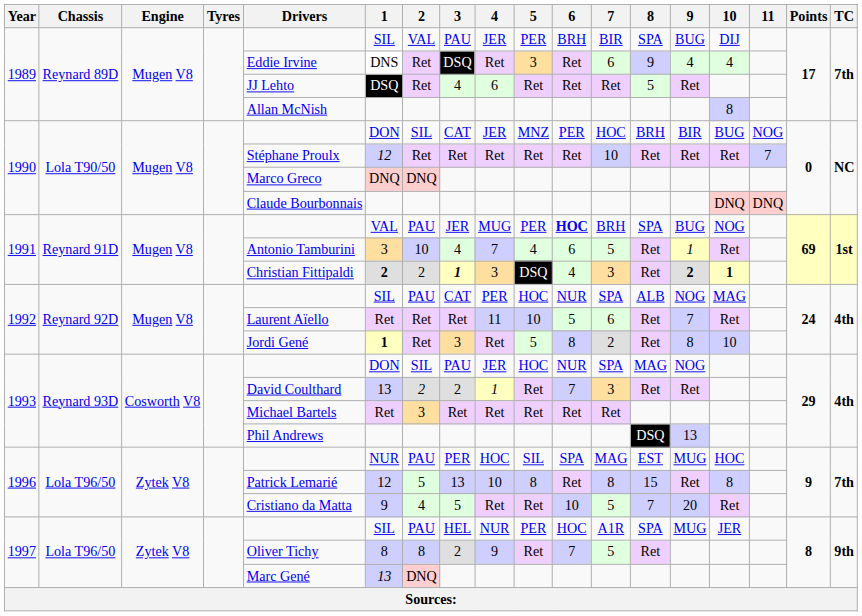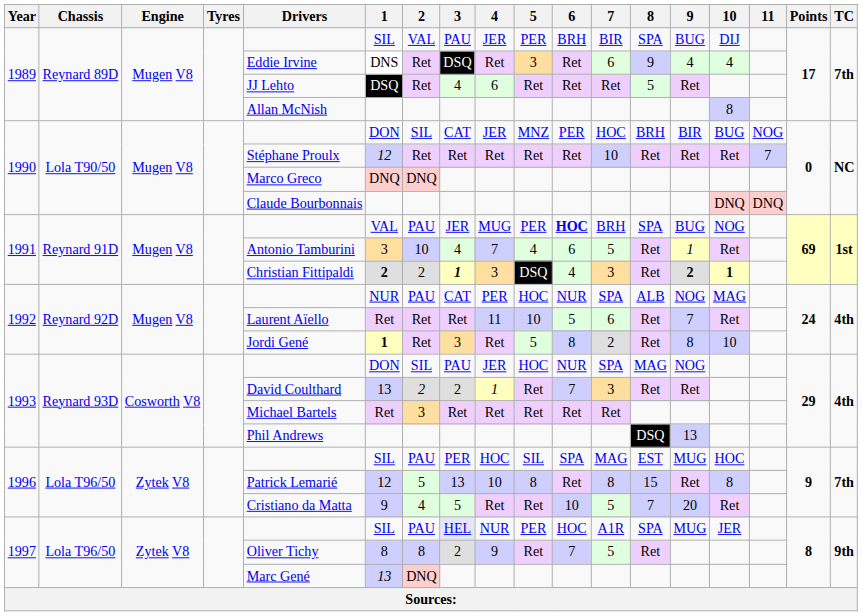 <table class="wikitable" style="text-align:center; font-size:95%">
 <tr>
 <th>Year</th>
 <th>Chassis</th>
 <th>Engine</th>
 <th>Tyres</th>
 <th>Drivers</th>
 <th>1</th>
 <th>2</th>
 <th>3</th>
 <th>4</th>
 <th>5</th>
 <th>6</th>
 <th>7</th>
 <th>8</th>
 <th>9</th>
 <th>10</th>
 <th>11</th>
 <th>Points</th>
 <th>TC</th>
 </tr>
 <tr>
 <td rowspan="4"><a href='#'>1989</a></td>
 <td rowspan="4"><a href='#'>Reynard 89D</a></td>
 <td rowspan="4"><a href='#'>Mugen</a> <a href='#'>V8</a></td>
 <td rowspan="4"></td>
 <td></td>
 <td><a href='#'>SIL</a></td>
 <td><a href='#'>VAL</a></td>
 <td><a href='#'>PAU</a></td>
 <td><a href='#'>JER</a></td>
 <td><a href='#'>PER</a></td>
 <td><a href='#'>BRH</a></td>
 <td><a href='#'>BIR</a></td>
 <td><a href='#'>SPA</a></td>
 <td><a href='#'>BUG</a></td>
 <td><a href='#'>DIJ</a></td>
 <td></td>
 <td rowspan="4"><strong>17</strong></td>
 <td rowspan="4"><strong>7th</strong></td>
 </tr>
 <tr>
 <td align="left"> <a href='#'>Eddie Irvine</a></td>
 <td style="background:#fff;">DNS</td>
 <td style="background:#efcfff;">Ret</td>
 <td style="background:#000; color:#fff;">DSQ</td>
 <td style="background:#efcfff;">Ret</td>
 <td style="background:#ffdf9f;">3</td>
 <td style="background:#efcfff;">Ret</td>
 <td style="background:#dfffdf;">6</td>
 <td style="background:#cfcfff;">9</td>
 <td style="background:#dfffdf;">4</td>
 <td style="background:#dfffdf;">4</td>
 <td></td>
 </tr>
 <tr>
 <td align="left"> <a href='#'>JJ Lehto</a></td>
 <td style="background:#000; color:#fff;">DSQ</td>
 <td style="background:#efcfff;">Ret</td>
 <td style="background:#dfffdf;">4</td>
 <td style="background:#dfffdf;">6</td>
 <td style="background:#efcfff;">Ret</td>
 <td style="background:#efcfff;">Ret</td>
 <td style="background:#efcfff;">Ret</td>
 <td style="background:#dfffdf;">5</td>
 <td style="background:#efcfff;">Ret</td>
 <td></td>
 <td></td>
 </tr>
 <tr>
 <td align="left"> <a href='#'>Allan McNish</a></td>
 <td></td>
 <td></td>
 <td></td>
 <td></td>
 <td></td>
 <td></td>
 <td></td>
 <td></td>
 <td></td>
 <td style="background:#cfcfff;">8</td>
 <td></td>
 </tr>
 <tr>
 <td rowspan="4"><a href='#'>1990</a></td>
 <td rowspan="4"><a href='#'>Lola T90/50</a></td>
 <td rowspan="4"><a href='#'>Mugen</a> <a href='#'>V8</a></td>
 <td rowspan="4"></td>
 <td></td>
 <td><a href='#'>DON</a></td>
 <td><a href='#'>SIL</a></td>
 <td><a href='#'>CAT</a></td>
 <td><a href='#'>JER</a></td>
 <td><a href='#'>MNZ</a></td>
 <td><a href='#'>PER</a></td>
 <td><a href='#'>HOC</a></td>
 <td><a href='#'>BRH</a></td>
 <td><a href='#'>BIR</a></td>
 <td><a href='#'>BUG</a></td>
 <td><a href='#'>NOG</a></td>
 <td rowspan="4"><strong>0</strong></td>
 <td rowspan="4"><strong>NC</strong></td>
 </tr>
 <tr>
 <td align="left"> <a href='#'>Stéphane Proulx</a></td>
 <td style="background:#cfcfff;"><em>12</em></td>
 <td style="background:#efcfff;">Ret</td>
 <td style="background:#efcfff;">Ret</td>
 <td style="background:#efcfff;">Ret</td>
 <td style="background:#efcfff;">Ret</td>
 <td style="background:#efcfff;">Ret</td>
 <td style="background:#cfcfff;">10</td>
 <td style="background:#efcfff;">Ret</td>
 <td style="background:#efcfff;">Ret</td>
 <td style="background:#efcfff;">Ret</td>
 <td style="background:#cfcfff;">7</td>
 </tr>
 <tr>
 <td align="left"> <a href='#'>Marco Greco</a></td>
 <td style="background:#ffcfcf;">DNQ</td>
 <td style="background:#ffcfcf;">DNQ</td>
 <td></td>
 <td></td>
 <td></td>
 <td></td>
 <td></td>
 <td></td>
 <td></td>
 <td></td>
 <td></td>
 </tr>
 <tr>
 <td align="left"> <a href='#'>Claude Bourbonnais</a></td>
 <td></td>
 <td></td>
 <td></td>
 <td></td>
 <td></td>
 <td></td>
 <td></td>
 <td></td>
 <td></td>
 <td style="background:#ffcfcf;">DNQ</td>
 <td style="background:#ffcfcf;">DNQ</td>
 </tr>
 <tr>
 <td rowspan="3"><a href='#'>1991</a></td>
 <td rowspan="3"><a href='#'>Reynard 91D</a></td>
 <td rowspan="3"><a href='#'>Mugen</a> <a href='#'>V8</a></td>
 <td rowspan="3"></td>
 <td></td>
 <td><a href='#'>VAL</a></td>
 <td><a href='#'>PAU</a></td>
 <td><a href='#'>JER</a></td>
 <td><a href='#'>MUG</a></td>
 <td><a href='#'>PER</a></td>
 <td><strong><a href='#'>HOC</a></strong></td>
 <td><a href='#'>BRH</a></td>
 <td><a href='#'>SPA</a></td>
 <td><a href='#'>BUG</a></td>
 <td><a href='#'>NOG</a></td>
 <td></td>
 <td rowspan="3" style="background:#ffffbf;"><strong>69</strong></td>
 <td rowspan="3" style="background:#ffffbf;"><strong>1st</strong></td>
 </tr>
 <tr>
 <td align="left"> <a href='#'>Antonio Tamburini</a></td>
 <td style="background:#ffdf9f;">3</td>
 <td style="background:#cfcfff;">10</td>
 <td style="background:#dfffdf;">4</td>
 <td style="background:#cfcfff;">7</td>
 <td style="background:#dfffdf;">4</td>
 <td style="background:#dfffdf;">6</td>
 <td style="background:#dfffdf;">5</td>
 <td style="background:#efcfff;">Ret</td>
 <td style="background:#ffffbf;"><em>1</em></td>
 <td style="background:#efcfff;">Ret</td>
 <td></td>
 </tr>
 <tr>
 <td align="left"> <a href='#'>Christian Fittipaldi</a></td>
 <td style="background:#dfdfdf;"><strong>2</strong></td>
 <td style="background:#dfdfdf;">2</td>
 <td style="background:#ffffbf;"><strong><em>1</em></strong></td>
 <td style="background:#ffdf9f;">3</td>
 <td style="background:#000; color:#fff;">DSQ</td>
 <td style="background:#dfffdf;">4</td>
 <td style="background:#ffdf9f;">3</td>
 <td style="background:#efcfff;">Ret</td>
 <td style="background:#dfdfdf;"><strong>2</strong></td>
 <td style="background:#ffffbf;"><strong>1</strong></td>
 <td></td>
 </tr>
 <tr>
 <td rowspan="3"><a href='#'>1992</a></td>
 <td rowspan="3"><a href='#'>Reynard 92D</a></td>
 <td rowspan="3"><a href='#'>Mugen</a> <a href='#'>V8</a></td>
 <td rowspan="3"></td>
 <td></td>
-<td><a href='#'>SIL</a></td>
+<td><a href='#'>NUR</a></td>
 <td><a href='#'>PAU</a></td>
 <td><a href='#'>CAT</a></td>
 <td><a href='#'>PER</a></td>
 <td><a href='#'>HOC</a></td>
 <td><a href='#'>NUR</a></td>
 <td><a href='#'>SPA</a></td>
 <td><a href='#'>ALB</a></td>
 <td><a href='#'>NOG</a></td>
 <td><a href='#'>MAG</a></td>
 <td></td>
 <td rowspan="3"><strong>24</strong></td>
 <td rowspan="3"><strong>4th</strong></td>
 </tr>
 <tr>
 <td align="left"> <a href='#'>Laurent Aïello</a></td>
 <td style="background:#efcfff;">Ret</td>
 <td style="background:#efcfff;">Ret</td>
 <td style="background:#efcfff;">Ret</td>
 <td style="background:#cfcfff;">11</td>
 <td style="background:#cfcfff;">10</td>
 <td style="background:#dfffdf;">5</td>
 <td style="background:#dfffdf;">6</td>
 <td style="background:#efcfff;">Ret</td>
 <td style="background:#cfcfff;">7</td>
 <td style="background:#efcfff;">Ret</td>
 <td></td>
 </tr>
 <tr>
 <td align="left"> <a href='#'>Jordi Gené</a></td>
 <td style="background:#ffffbf;"><strong>1</strong></td>
 <td style="background:#efcfff;">Ret</td>
 <td style="background:#ffdf9f;">3</td>
 <td style="background:#efcfff;">Ret</td>
 <td style="background:#dfffdf;">5</td>
 <td style="background:#cfcfff;">8</td>
 <td style="background:#dfdfdf;">2</td>
 <td style="background:#efcfff;">Ret</td>
 <td style="background:#cfcfff;">8</td>
 <td style="background:#cfcfff;">10</td>
 <td></td>
 </tr>
 <tr>
 <td rowspan="4"><a href='#'>1993</a></td>
 <td rowspan="4"><a href='#'>Reynard 93D</a></td>
 <td rowspan="4"><a href='#'>Cosworth</a> <a href='#'>V8</a></td>
 <td rowspan="4"></td>
 <td></td>
 <td><a href='#'>DON</a></td>
 <td><a href='#'>SIL</a></td>
 <td><a href='#'>PAU</a></td>
 <td><a href='#'>JER</a></td>
 <td><a href='#'>HOC</a></td>
 <td><a href='#'>NUR</a></td>
 <td><a href='#'>SPA</a></td>
 <td><a href='#'>MAG</a></td>
 <td><a href='#'>NOG</a></td>
 <td></td>
 <td></td>
 <td rowspan="4"><strong>29</strong></td>
 <td rowspan="4"><strong>4th</strong></td>
 </tr>
 <tr>
 <td align="left"> <a href='#'>David Coulthard</a></td>
 <td style="background:#cfcfff;">13</td>
 <td style="background:#dfdfdf;"><em>2</em></td>
 <td style="background:#dfdfdf;">2</td>
 <td style="background:#ffffbf;"><em>1</em></td>
 <td style="background:#efcfff;">Ret</td>
 <td style="background:#cfcfff;">7</td>
 <td style="background:#ffdf9f;">3</td>
 <td style="background:#efcfff;">Ret</td>
 <td style="background:#efcfff;">Ret</td>
 <td></td>
 <td></td>
 </tr>
 <tr>
 <td align="left"> <a href='#'>Michael Bartels</a></td>
 <td style="background:#efcfff;">Ret</td>
 <td style="background:#ffdf9f;">3</td>
 <td style="background:#efcfff;">Ret</td>
 <td style="background:#efcfff;">Ret</td>
 <td style="background:#efcfff;">Ret</td>
 <td style="background:#efcfff;">Ret</td>
 <td style="background:#efcfff;">Ret</td>
 <td></td>
 <td></td>
 <td></td>
 <td></td>
 </tr>
 <tr>
 <td align="left"> <a href='#'>Phil Andrews</a></td>
 <td></td>
 <td></td>
 <td></td>
 <td></td>
 <td></td>
 <td></td>
 <td></td>
 <td style="background:#000; color:white;">DSQ</td>
 <td style="background:#cfcfff;">13</td>
 <td></td>
 <td></td>
 </tr>
 <tr>
 <td rowspan="3"><a href='#'>1996</a></td>
 <td rowspan="3"><a href='#'>Lola T96/50</a></td>
 <td rowspan="3"><a href='#'>Zytek</a> <a href='#'>V8</a></td>
 <td rowspan="3"></td>
 <td></td>
-<td><a href='#'>NUR</a></td>
+<td><a href='#'>SIL</a></td>
 <td><a href='#'>PAU</a></td>
 <td><a href='#'>PER</a></td>
 <td><a href='#'>HOC</a></td>
 <td><a href='#'>SIL</a></td>
 <td><a href='#'>SPA</a></td>
 <td><a href='#'>MAG</a></td>
 <td><a href='#'>EST</a></td>
 <td><a href='#'>MUG</a></td>
 <td><a href='#'>HOC</a></td>
 <td></td>
 <td rowspan="3"><strong>9</strong></td>
 <td rowspan="3"><strong>7th</strong></td>
 </tr>
 <tr>
 <td align="left"> <a href='#'>Patrick Lemarié</a></td>
 <td style="background:#cfcfff;">12</td>
 <td style="background:#dfffdf;">5</td>
 <td style="background:#cfcfff;">13</td>
 <td style="background:#cfcfff;">10</td>
 <td style="background:#cfcfff;">8</td>
 <td style="background:#efcfff;">Ret</td>
 <td style="background:#cfcfff;">8</td>
 <td style="background:#cfcfff;">15</td>
 <td style="background:#efcfff;">Ret</td>
 <td style="background:#cfcfff;">8</td>
 <td></td>
 </tr>
 <tr>
 <td align="left"> <a href='#'>Cristiano da Matta</a></td>
 <td style="background:#cfcfff;">9</td>
 <td style="background:#dfffdf;">4</td>
 <td style="background:#dfffdf;">5</td>
 <td style="background:#efcfff;">Ret</td>
 <td style="background:#efcfff;">Ret</td>
 <td style="background:#cfcfff;">10</td>
 <td style="background:#dfffdf;">5</td>
 <td style="background:#cfcfff;">7</td>
 <td style="background:#cfcfff;">20</td>
 <td style="background:#efcfff;">Ret</td>
 <td></td>
 </tr>
 <tr>
 <td rowspan="3"><a href='#'>1997</a></td>
 <td rowspan="3"><a href='#'>Lola T96/50</a></td>
 <td rowspan="3"><a href='#'>Zytek</a> <a href='#'>V8</a></td>
 <td rowspan="3"></td>
 <td></td>
 <td><a href='#'>SIL</a></td>
 <td><a href='#'>PAU</a></td>
-<td><a href='#'>HEL</a></td>
+<td style="background: lavender;"><a href='#'>HEL</a></td>
 <td><a href='#'>NUR</a></td>
 <td><a href='#'>PER</a></td>
 <td><a href='#'>HOC</a></td>
 <td><a href='#'>A1R</a></td>
 <td><a href='#'>SPA</a></td>
 <td><a href='#'>MUG</a></td>
 <td><a href='#'>JER</a></td>
 <td></td>
 <td rowspan="3"><strong>8</strong></td>
 <td rowspan="3"><strong>9th</strong></td>
 </tr>
 <tr>
 <td align="left"> <a href='#'>Oliver Tichy</a></td>
 <td style="background:#cfcfff;">8</td>
 <td style="background:#cfcfff;">8</td>
 <td style="background:#dfdfdf;">2</td>
 <td style="background:#cfcfff;">9</td>
 <td style="background:#efcfff;">Ret</td>
 <td style="background:#cfcfff;">7</td>
 <td style="background:#dfffdf;">5</td>
 <td style="background:#efcfff;">Ret</td>
 <td></td>
 <td></td>
 <td></td>
 </tr>
 <tr>
 <td align="left"> <a href='#'>Marc Gené</a></td>
 <td style="background:#cfcfff;"><em>13</em></td>
 <td style="background:#ffcfcf;">DNQ</td>
 <td></td>
 <td></td>
 <td></td>
 <td></td>
 <td></td>
 <td></td>
 <td></td>
 <td></td>
 <td></td>
 </tr>
 <tr>
 <th colspan="18">Sources:</th>
 </tr>
 </table>
